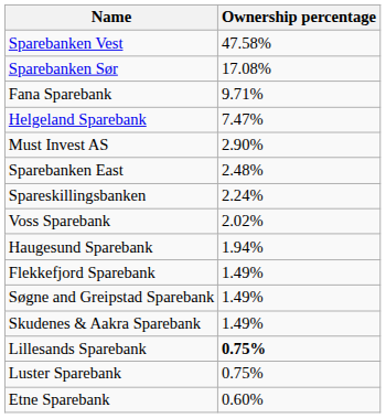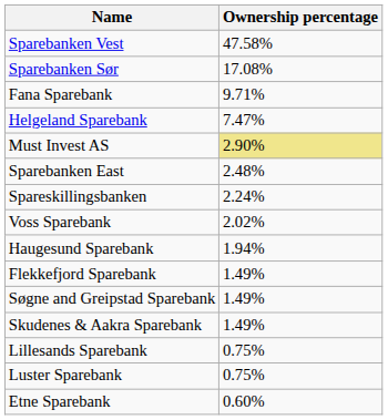 <table class="wikitable sortable">
 <tr>
 <th>Name</th>
 <th>Ownership percentage</th>
 </tr>
 <tr>
 <td><a href='#'>Sparebanken Vest</a></td>
 <td>47.58%</td>
 </tr>
 <tr>
 <td><a href='#'>Sparebanken Sør</a></td>
 <td>17.08%</td>
 </tr>
 <tr>
 <td>Fana Sparebank</td>
 <td>9.71%</td>
 </tr>
 <tr>
 <td><a href='#'>Helgeland Sparebank</a></td>
 <td>7.47%</td>
 </tr>
 <tr>
 <td>Must Invest AS</td>
-<td>2.90%</td>
+<td style="background: khaki;">2.90%</td>
 </tr>
 <tr>
 <td>Sparebanken East</td>
 <td>2.48%</td>
 </tr>
 <tr>
 <td>Spareskillingsbanken</td>
 <td>2.24%</td>
 </tr>
 <tr>
 <td>Voss Sparebank</td>
 <td>2.02%</td>
 </tr>
 <tr>
 <td>Haugesund Sparebank</td>
 <td>1.94%</td>
 </tr>
 <tr>
 <td>Flekkefjord Sparebank</td>
 <td>1.49%</td>
 </tr>
 <tr>
 <td>Søgne and Greipstad Sparebank</td>
 <td>1.49%</td>
 </tr>
 <tr>
 <td>Skudenes & Aakra Sparebank</td>
 <td>1.49%</td>
 </tr>
 <tr>
 <td>Lillesands Sparebank</td>
-<td><strong>0.75%</strong></td>
+<td>0.75%</td>
 </tr>
 <tr>
 <td>Luster Sparebank</td>
 <td>0.75%</td>
 </tr>
 <tr>
 <td>Etne Sparebank</td>
 <td>0.60%</td>
 </tr>
 </table>
